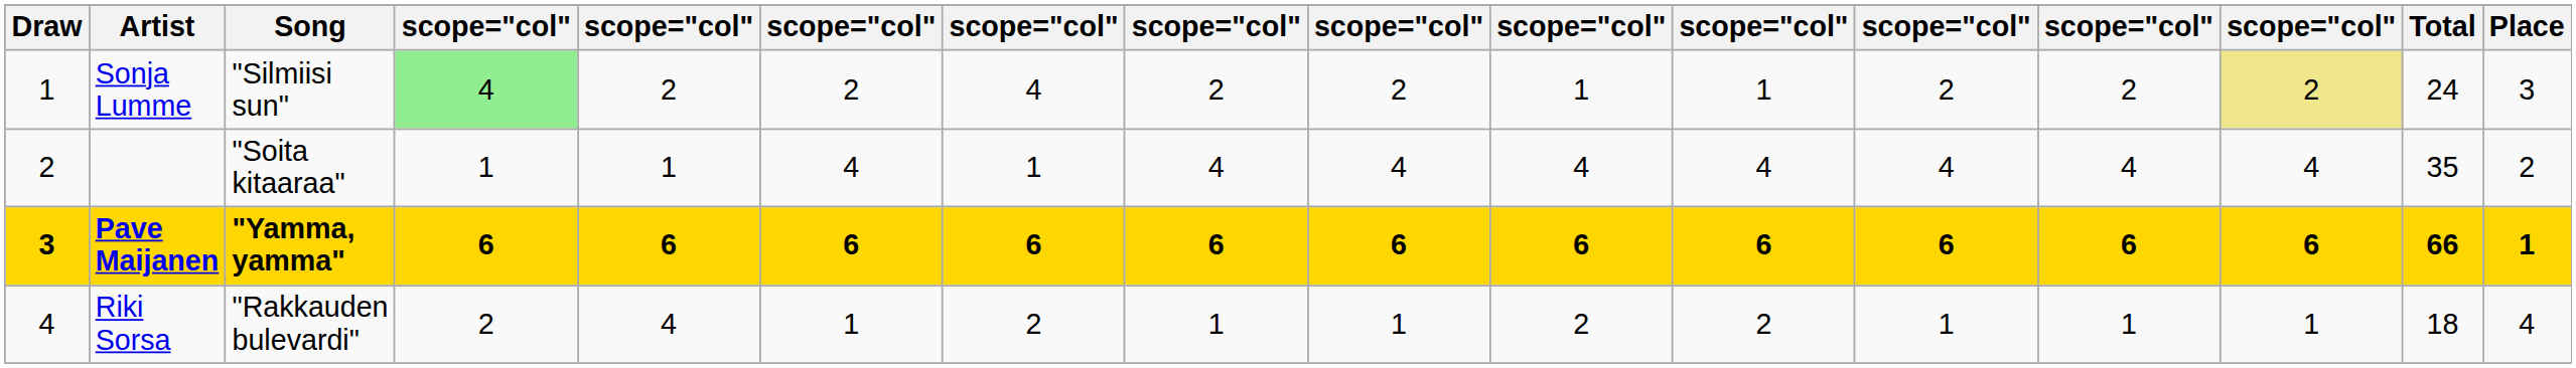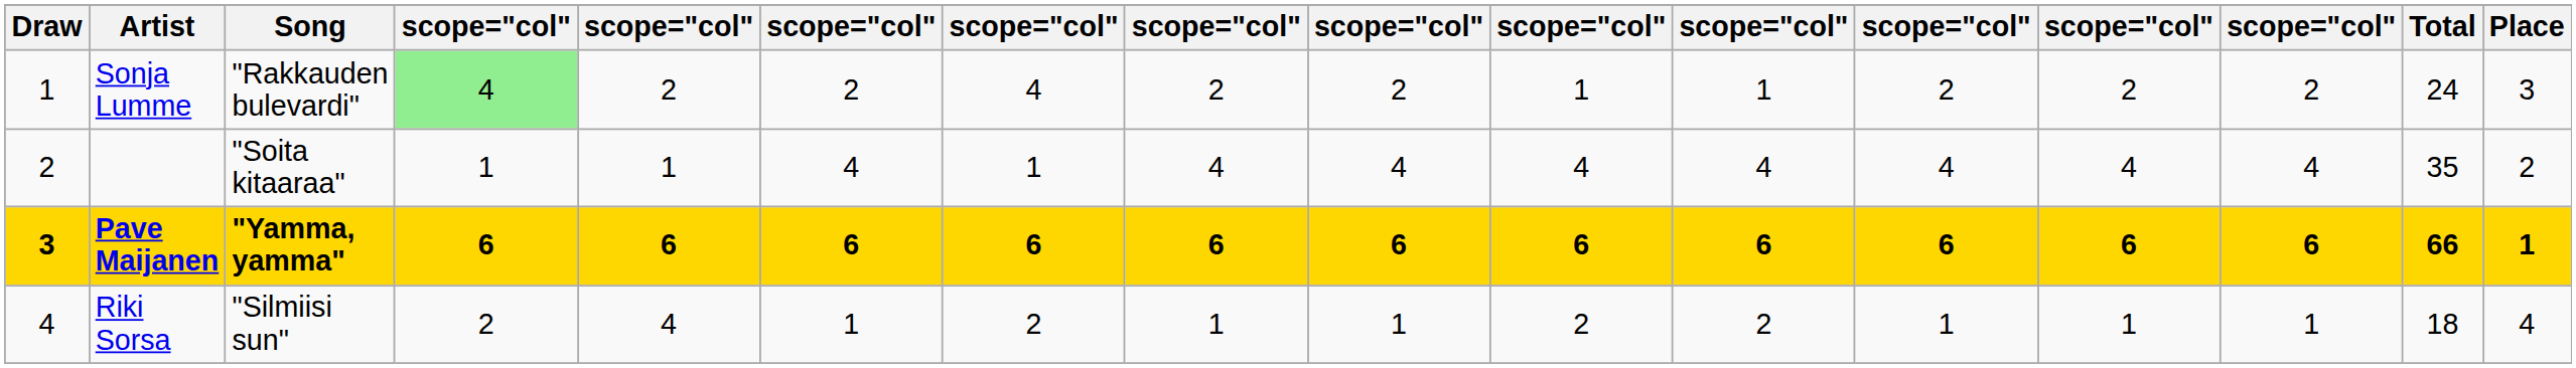 <table class="wikitable plainrowheaders" style="margin: 1em auto 1em auto; text-align:center;">
 <tr>
 </tr>
 <tr>
 <th scope="col">Draw</th>
 <th scope="col">Artist</th>
 <th scope="col">Song</th>
 <th>scope="col" </th>
 <th>scope="col" </th>
 <th>scope="col" </th>
 <th>scope="col" </th>
 <th>scope="col" </th>
 <th>scope="col" </th>
 <th>scope="col" </th>
 <th>scope="col" </th>
 <th>scope="col" </th>
 <th>scope="col" </th>
 <th>scope="col" </th>
 <th scope="col">Total</th>
 <th scope="col">Place</th>
 </tr>
 <tr>
 <td>1</td>
 <td align="left"><a href='#'>Sonja Lumme</a></td>
-<td align="left">"Silmiisi sun"</td>
+<td align="left">"Rakkauden bulevardi"</td>
 <td style="background: lightgreen;">4</td>
 <td>2</td>
 <td>2</td>
 <td>4</td>
 <td>2</td>
 <td>2</td>
 <td>1</td>
 <td>1</td>
 <td>2</td>
 <td>2</td>
-<td style="background: khaki;">2</td>
+<td>2</td>
 <td>24</td>
 <td>3</td>
 </tr>
 <tr>
 <td>2</td>
 <td align="left"></td>
 <td align="left">"Soita kitaaraa"</td>
 <td>1</td>
 <td>1</td>
 <td>4</td>
 <td>1</td>
 <td>4</td>
 <td>4</td>
 <td>4</td>
 <td>4</td>
 <td>4</td>
 <td>4</td>
 <td>4</td>
 <td>35</td>
 <td>2</td>
 </tr>
 <tr bgcolor="gold">
 <td><strong>3</strong></td>
 <td align="left"><strong><a href='#'>Pave Maijanen</a></strong></td>
 <td align="left"><strong>"Yamma, yamma"</strong></td>
 <td><strong>6</strong></td>
 <td><strong>6</strong></td>
 <td><strong>6</strong></td>
 <td><strong>6</strong></td>
 <td><strong>6</strong></td>
 <td><strong>6</strong></td>
 <td><strong>6</strong></td>
 <td><strong>6</strong></td>
 <td><strong>6</strong></td>
 <td><strong>6</strong></td>
 <td><strong>6</strong></td>
 <td><strong>66</strong></td>
 <td><strong>1</strong></td>
 </tr>
 <tr>
 <td>4</td>
 <td align="left"><a href='#'>Riki Sorsa</a></td>
-<td align="left">"Rakkauden bulevardi"</td>
+<td align="left">"Silmiisi sun"</td>
 <td>2</td>
 <td>4</td>
 <td>1</td>
 <td>2</td>
 <td>1</td>
 <td>1</td>
 <td>2</td>
 <td>2</td>
 <td>1</td>
 <td>1</td>
 <td>1</td>
 <td>18</td>
 <td>4</td>
 </tr>
 </table>
